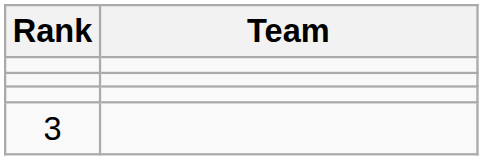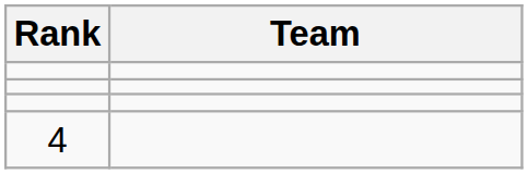 <table class="wikitable" style="text-align: center; font-size:90% ">
 <tr>
 <th width=35>Rank</th>
 <th width=160>Team</th>
 </tr>
 <tr>
 <td></td>
 <td align=left></td>
 </tr>
 <tr>
 <td></td>
 <td align=left></td>
 </tr>
 <tr>
 <td></td>
 <td align=left></td>
 </tr>
 <tr>
-<td>3</td>
+<td>4</td>
 <td align=left></td>
 </tr>
 </table>
